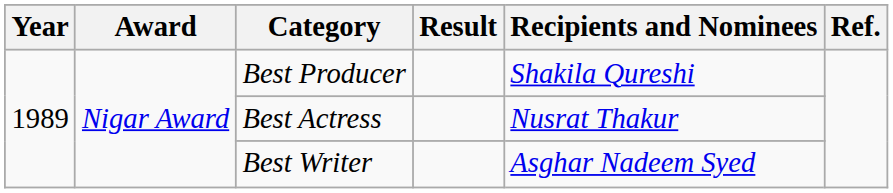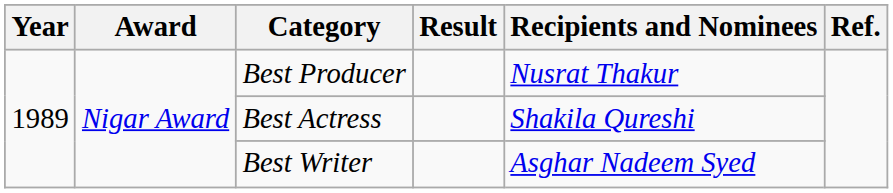 <table class="wikitable">
 <tr>
 <th>Year</th>
 <th>Award</th>
 <th>Category</th>
 <th>Result</th>
 <th>Recipients and Nominees</th>
 <th>Ref.</th>
 </tr>
 <tr>
 <td rowspan="3">1989</td>
 <td rowspan="3"><em><a href='#'>Nigar Award</a></em></td>
 <td><em>Best Producer</em></td>
 <td></td>
-<td><em><a href='#'>Shakila Qureshi</a></em></td>
+<td><em><a href='#'>Nusrat Thakur</a></em></td>
 <td rowspan="3"></td>
 </tr>
 <tr>
 <td><em>Best Actress</em></td>
 <td></td>
-<td><em><a href='#'>Nusrat Thakur</a></em></td>
+<td><em><a href='#'>Shakila Qureshi</a></em></td>
 </tr>
 <tr>
 <td><em>Best Writer</em></td>
 <td></td>
 <td><em><a href='#'>Asghar Nadeem Syed</a></em></td>
 </tr>
 </table>
